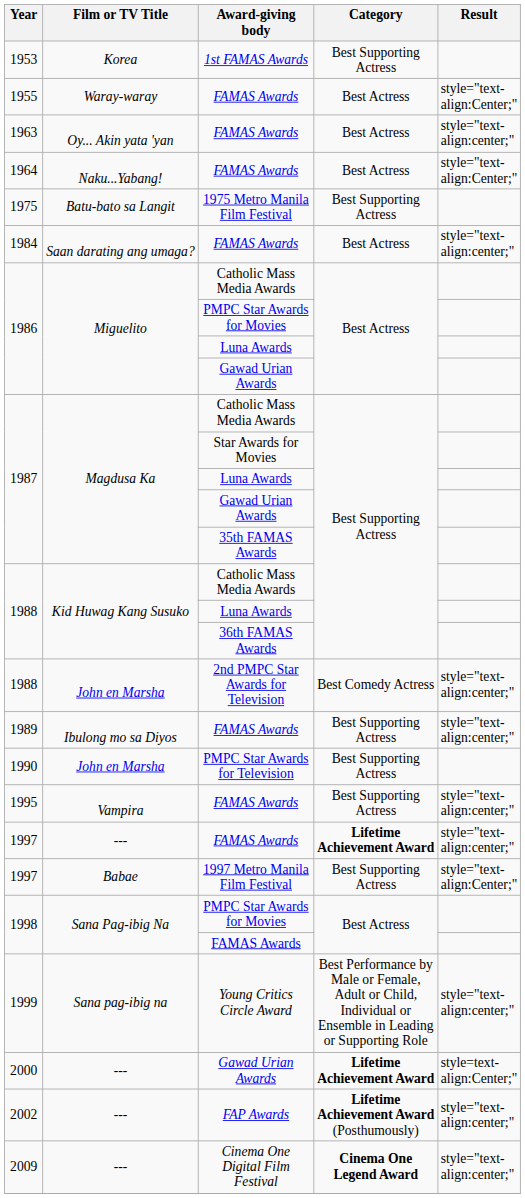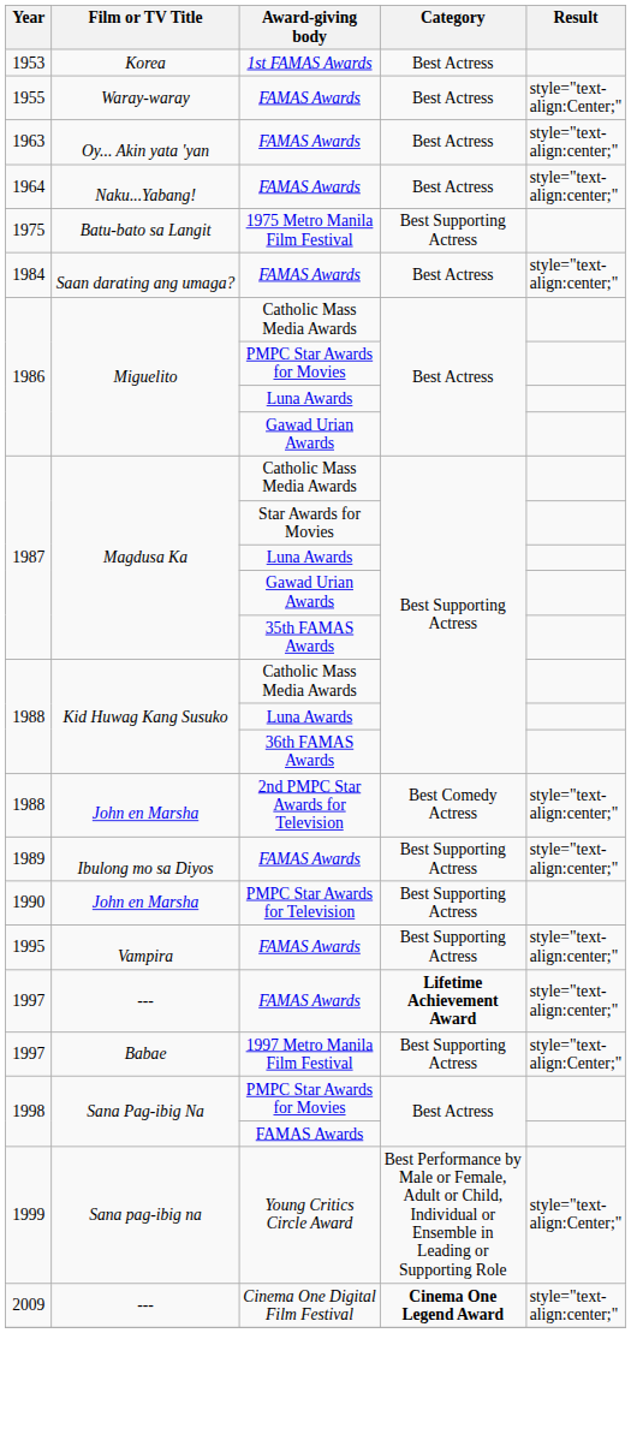 <table class="wikitable sortable">
 <tr>
 <th style="vertical-align:top; text-align:center; width:40px;">Year</th>
 <th style="vertical-align:top; text-align:center; width:200px;">Film or TV Title</th>
 <th style="vertical-align:top; text-align:center; width:150px;">Award-giving body</th>
 <th style="vertical-align:top; text-align:center; width:150px;">Category</th>
 <th style="vertical-align:top; text-align:center; width:80px;">Result</th>
 </tr>
 <tr>
 <td style="text-align:center;">1953</td>
 <td style="text-align:center;"><em>Korea</em></td>
 <td style="text-align:center;"><em><a href='#'>1st FAMAS Awards</a></em></td>
-<td style="text-align:center;">Best Supporting Actress</td>
+<td style="text-align:center;">Best Actress</td>
 <td></td>
 </tr>
 <tr>
 <td style="text-align:center;">1955</td>
 <td style="text-align:Center;"><em>Waray-waray</em></td>
 <td style="text-align:center;"><em><a href='#'>FAMAS Awards</a></em></td>
 <td style="text-align:center;">Best Actress</td>
 <td>style="text-align:Center;"</td>
 </tr>
 <tr>
 <td style="text-align:center;">1963</td>
 <td style="text-align:center;"><br><em>Oy... Akin yata 'yan</em></td>
 <td style="text-align:center;"><em><a href='#'>FAMAS Awards</a></em></td>
 <td style="text-align:center;">Best Actress</td>
 <td>style="text-align:center;"</td>
 </tr>
 <tr>
 <td style="text-align:center;">1964</td>
 <td style="text-align:center;"><br><em>Naku...Yabang!</em></td>
 <td style="text-align:center;"><em><a href='#'>FAMAS Awards</a></em></td>
 <td style="text-align:center;">Best Actress</td>
-<td>style="text-align:Center;" </td>
+<td>style="text-align:center;" </td>
 </tr>
 <tr>
 <td style="text-align:center;">1975</td>
 <td style="text-align:center;"><em>Batu-bato sa Langit</em></td>
 <td style="text-align:center;"><a href='#'>1975 Metro Manila Film Festival</a></td>
 <td style="text-align:center;">Best Supporting Actress</td>
 <td></td>
 </tr>
 <tr>
 <td style="text-align:center;">1984</td>
 <td style="text-align:center;"><br><em>Saan darating ang umaga?</em></td>
 <td style="text-align:center;"><em><a href='#'>FAMAS Awards</a></em></td>
 <td style="text-align:center;">Best Actress</td>
 <td>style="text-align:center;"</td>
 </tr>
 <tr>
 <td rowspan="4" style="text-align:center;">1986</td>
 <td rowspan="4" style="text-align:center;"><em>Miguelito</em></td>
 <td style="text-align:center;">Catholic Mass Media Awards</td>
 <td style="text-align:center;" rowspan="4">Best Actress</td>
 <td></td>
 </tr>
 <tr>
 <td style="text-align:center;"><a href='#'>PMPC Star Awards for Movies</a></td>
 <td></td>
 </tr>
 <tr>
 <td style="text-align:center;"><a href='#'>Luna Awards</a></td>
 <td></td>
 </tr>
 <tr>
 <td style="text-align:center;"><a href='#'>Gawad Urian Awards</a></td>
 <td></td>
 </tr>
 <tr>
 <td rowspan="5" style="text-align:center;">1987</td>
 <td rowspan="5" style="text-align:center;"><em>Magdusa Ka</em></td>
 <td style="text-align:center;">Catholic Mass Media Awards</td>
 <td style="text-align:center;" rowspan="8">Best Supporting Actress</td>
 <td></td>
 </tr>
 <tr>
 <td style="text-align:center;">Star Awards for Movies</td>
 <td></td>
 </tr>
 <tr>
 <td style="text-align:center;"><a href='#'>Luna Awards</a></td>
 <td></td>
 </tr>
 <tr>
 <td style="text-align:center;"><a href='#'>Gawad Urian Awards</a></td>
 <td></td>
 </tr>
 <tr>
 <td style="text-align:center;"><a href='#'>35th FAMAS Awards</a></td>
 <td></td>
 </tr>
 <tr>
 <td rowspan="3" style="text-align:center;">1988</td>
 <td rowspan="3" style="text-align:center;"><em>Kid Huwag Kang Susuko</em></td>
 <td style="text-align:center;">Catholic Mass Media Awards</td>
 <td></td>
 </tr>
 <tr>
 <td style="text-align:center;"><a href='#'>Luna Awards</a></td>
 <td></td>
 </tr>
 <tr>
 <td style="text-align:center;"><a href='#'>36th FAMAS Awards</a></td>
 <td></td>
 </tr>
 <tr>
 <td style="text-align:center;">1988</td>
 <td style="text-align:center;"><br><em><a href='#'>John en Marsha</a></em></td>
 <td style="text-align:center;"><a href='#'>2nd PMPC Star Awards for Television</a></td>
 <td style="text-align:center;">Best Comedy Actress</td>
 <td>style="text-align:center;" </td>
 </tr>
 <tr>
 <td style="text-align:center;">1989</td>
 <td style="text-align:center;"><br><em>Ibulong mo sa Diyos</em></td>
 <td style="text-align:center;"><em><a href='#'>FAMAS Awards</a></em></td>
 <td style="text-align:center;">Best Supporting Actress</td>
 <td>style="text-align:center;" </td>
 </tr>
 <tr>
 <td style="text-align:center;">1990</td>
 <td style="text-align:center;"><em><a href='#'>John en Marsha</a></em></td>
 <td style="text-align:center;"><a href='#'>PMPC Star Awards for Television</a></td>
 <td style="text-align:center;">Best Supporting Actress</td>
 <td></td>
 </tr>
 <tr>
 <td style="text-align:center;">1995</td>
 <td style="text-align:center;"><br><em>Vampira</em></td>
 <td style="text-align:center;"><em><a href='#'>FAMAS Awards</a></em></td>
 <td style="text-align:center;">Best Supporting Actress</td>
 <td>style="text-align:center;"</td>
 </tr>
 <tr>
 <td style="text-align:center;">1997</td>
 <td style="text-align:center;">---</td>
 <td style="text-align:center;"><em><a href='#'>FAMAS Awards</a></em></td>
 <td style="text-align:center;"><strong>Lifetime Achievement Award</strong></td>
 <td>style="text-align:center;" </td>
 </tr>
 <tr>
 <td style="text-align:center;">1997</td>
 <td style="text-align:center;"><em>Babae</em></td>
 <td style="text-align:center;"><a href='#'>1997 Metro Manila Film Festival</a></td>
 <td style="text-align:center;">Best Supporting Actress</td>
 <td>style="text-align:Center;"</td>
 </tr>
 <tr>
 <td rowspan="2" style="text-align:center;">1998</td>
 <td rowspan="2" style="text-align:center;"><em>Sana Pag-ibig Na</em></td>
 <td style="text-align:center;"><a href='#'>PMPC Star Awards for Movies</a></td>
 <td style="text-align:center;" rowspan="2">Best Actress</td>
 <td></td>
 </tr>
 <tr>
 <td style="text-align:center;"><a href='#'>FAMAS Awards</a></td>
 <td></td>
 </tr>
 <tr>
 <td style="text-align:center;">1999</td>
 <td style="text-align:center;"><em>Sana pag-ibig na</em></td>
 <td style="text-align:center;"><em>Young Critics Circle Award</em></td>
 <td style="text-align:center;">Best Performance by Male or Female, Adult or Child, Individual or Ensemble in Leading or Supporting Role</td>
-<td>style="text-align:center;" </td>
-</tr>
-<tr>
-<td rowspan="1" style="text-align:center">2000</td>
-<td style="text-align:Center;">---</td>
-<td style="text-align:center;"><em> <a href='#'>Gawad Urian Awards</a></em></td>
-<td style="text-align:center;"><strong>Lifetime Achievement Award</strong></td>
-<td>style=text-align:Center;" </td>
-</tr>
-<tr>
-<td style="text-align:center;">2002</td>
-<td style="text-align:Center;">---</td>
-<td style="text-align:center;"><em><a href='#'>FAP Awards</a></em></td>
-<td style="text-align:center;"><strong>Lifetime Achievement Award</strong> (Posthumously)</td>
-<td>style="text-align:center;"</td>
+<td>style="text-align:Center;" </td>
 </tr>
 <tr>
 <td style="text-align:center;">2009</td>
 <td style="text-align:center;">---</td>
 <td style="text-align:center;"><em>Cinema One Digital Film Festival</em></td>
 <td style="text-align:center;"><strong>Cinema One Legend Award</strong></td>
 <td>style="text-align:center;"</td>
 </tr>
 <tr>
 </tr>
 </table>
